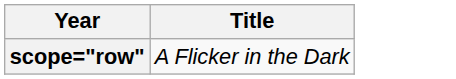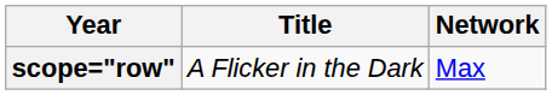 <table class="wikitable plainrowheaders sortable">
 <tr>
 <th scope="col">Year</th>
 <th scope="col">Title</th>
+<th scope="col">Network</th>
 </tr>
 <tr>
 <th>scope="row" </th>
 <td><em>A Flicker in the Dark</em></td>
+<td><a href='#'>Max</a></td>
 </tr>
 </table>
